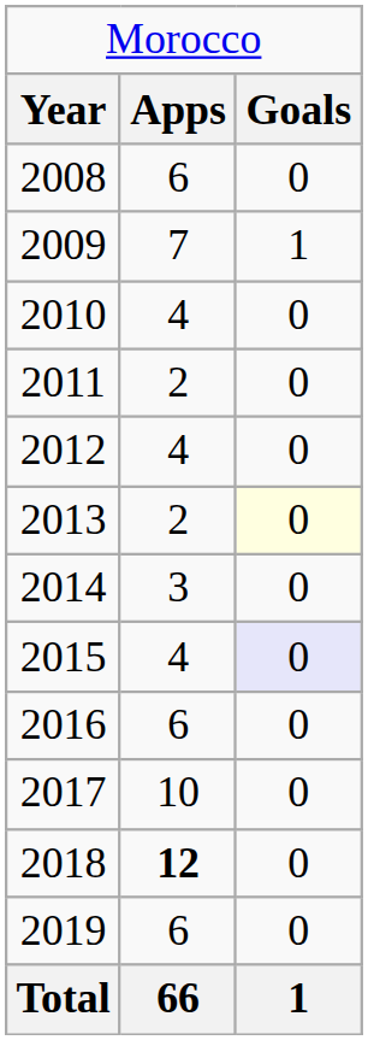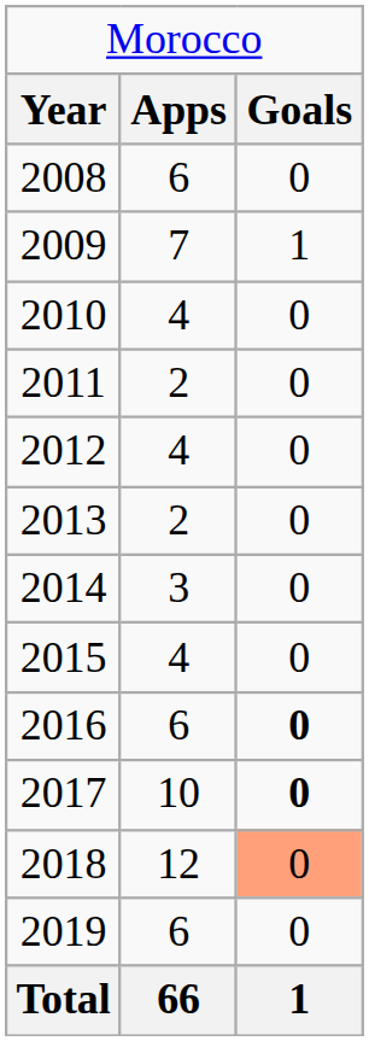 <table class="wikitable" style="text-align:center">
 <tr>
 <td colspan="3"><a href='#'>Morocco</a></td>
 </tr>
 <tr>
 <th>Year</th>
 <th>Apps</th>
 <th>Goals</th>
 </tr>
 <tr>
 <td>2008</td>
 <td>6</td>
 <td>0</td>
 </tr>
 <tr>
 <td>2009</td>
 <td>7</td>
 <td>1</td>
 </tr>
 <tr>
 <td>2010</td>
 <td>4</td>
 <td>0</td>
 </tr>
 <tr>
 <td>2011</td>
 <td>2</td>
 <td>0</td>
 </tr>
 <tr>
 <td>2012</td>
 <td>4</td>
 <td>0</td>
 </tr>
 <tr>
 <td>2013</td>
 <td>2</td>
-<td style="background: lightyellow;">0</td>
+<td>0</td>
 </tr>
 <tr>
 <td>2014</td>
 <td>3</td>
 <td>0</td>
 </tr>
 <tr>
 <td>2015</td>
 <td>4</td>
-<td style="background: lavender;">0</td>
+<td>0</td>
 </tr>
 <tr>
 <td>2016</td>
 <td>6</td>
-<td>0</td>
+<td><strong>0</strong></td>
 </tr>
 <tr>
 <td>2017</td>
 <td>10</td>
-<td>0</td>
+<td><strong>0</strong></td>
 </tr>
 <tr>
 <td>2018</td>
-<td><strong>12</strong></td>
-<td>0</td>
+<td>12</td>
+<td style="background: lightsalmon;">0</td>
 </tr>
 <tr>
 <td>2019</td>
 <td>6</td>
 <td>0</td>
 </tr>
 <tr>
 <th>Total</th>
 <th>66</th>
 <th>1</th>
 </tr>
 </table>
